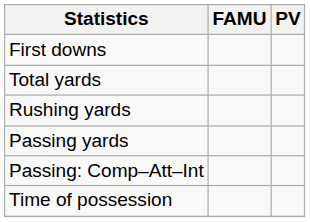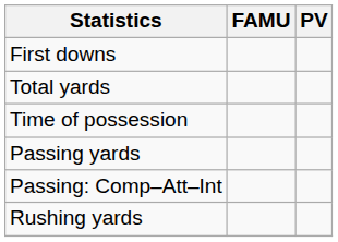 <table class="wikitable" style="float: left;">
 <tr>
 <th>Statistics</th>
 <th>FAMU</th>
 <th>PV</th>
 </tr>
 <tr>
 <td>First downs</td>
 <td></td>
 <td></td>
 </tr>
 <tr>
 <td>Total yards</td>
 <td></td>
 <td></td>
 </tr>
 <tr>
-<td>Rushing yards</td>
+<td>Time of possession</td>
 <td></td>
 <td></td>
 </tr>
 <tr>
 <td>Passing yards</td>
 <td></td>
 <td></td>
 </tr>
 <tr>
 <td>Passing: Comp–Att–Int</td>
 <td></td>
 <td></td>
 </tr>
 <tr>
-<td>Time of possession</td>
+<td>Rushing yards</td>
 <td></td>
 <td></td>
 </tr>
 <tr>
 </tr>
 </table>
